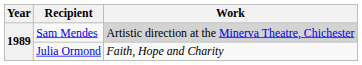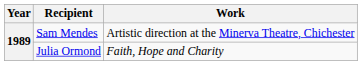 <table class="wikitable">
 <tr>
 <th>Year</th>
 <th>Recipient</th>
 <th>Work</th>
 </tr>
 <tr>
 <th rowspan="2">1989</th>
 <td><a href='#'>Sam Mendes</a></td>
-<td style="background: lightgrey;">Artistic direction at the <a href='#'>Minerva Theatre, Chichester</a></td>
+<td>Artistic direction at the <a href='#'>Minerva Theatre, Chichester</a></td>
 </tr>
 <tr>
 <td><a href='#'>Julia Ormond</a></td>
 <td><em>Faith, Hope and Charity</em></td>
 </tr>
 </table>
